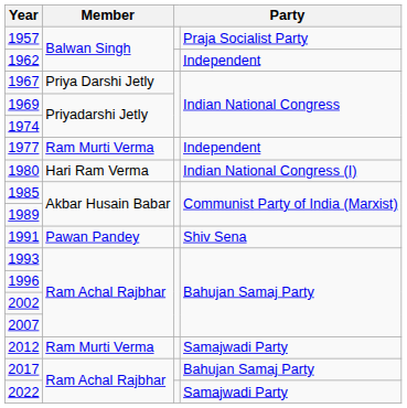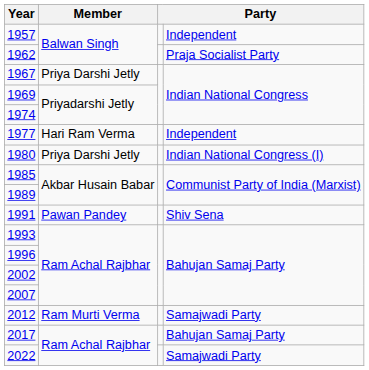 <table class="wikitable">
 <tr>
 <th>Year</th>
 <th>Member</th>
 <th colspan="2">Party</th>
 </tr>
 <tr>
 <td><a href='#'>1957</a></td>
 <td rowspan="2"><a href='#'>Balwan Singh</a></td>
 <td style="background-color: "></td>
-<td><a href='#'>Praja Socialist Party</a></td>
+<td><a href='#'>Independent</a></td>
 </tr>
 <tr>
 <td><a href='#'>1962</a></td>
 <td style="background-color: "></td>
-<td><a href='#'>Independent</a></td>
+<td><a href='#'>Praja Socialist Party</a></td>
 </tr>
 <tr>
 <td><a href='#'>1967</a></td>
 <td>Priya Darshi Jetly</td>
 <td rowspan="3" style="background-color: "></td>
 <td rowspan="3"><a href='#'>Indian National Congress</a></td>
 </tr>
 <tr>
 <td><a href='#'>1969</a></td>
 <td rowspan="2">Priyadarshi Jetly</td>
 </tr>
 <tr>
 <td><a href='#'>1974</a></td>
 </tr>
 <tr>
 <td><a href='#'>1977</a></td>
-<td><a href='#'>Ram Murti Verma</a></td>
+<td>Hari Ram Verma</td>
 <td style="background-color: "></td>
 <td><a href='#'>Independent</a></td>
 </tr>
 <tr>
 <td><a href='#'>1980</a></td>
-<td>Hari Ram Verma</td>
+<td>Priya Darshi Jetly</td>
 <td style="background-color: "></td>
 <td><a href='#'>Indian National Congress (I)</a></td>
 </tr>
 <tr>
 <td><a href='#'>1985</a></td>
 <td rowspan="2">Akbar Husain Babar</td>
 <td rowspan="2" style="background-color: "></td>
 <td rowspan="2"><a href='#'>Communist Party of India (Marxist)</a></td>
 </tr>
 <tr>
 <td><a href='#'>1989</a></td>
 </tr>
 <tr>
 <td><a href='#'>1991</a></td>
 <td><a href='#'>Pawan Pandey</a></td>
 <td style="background-color: "></td>
 <td><a href='#'>Shiv Sena</a></td>
 </tr>
 <tr>
 <td><a href='#'>1993</a></td>
 <td rowspan="4"><a href='#'>Ram Achal Rajbhar</a></td>
 <td rowspan="4" style="background-color: "></td>
 <td rowspan="4"><a href='#'>Bahujan Samaj Party</a></td>
 </tr>
 <tr>
 <td><a href='#'>1996</a></td>
 </tr>
 <tr>
 <td><a href='#'>2002</a></td>
 </tr>
 <tr>
 <td><a href='#'>2007</a></td>
 </tr>
 <tr>
 <td><a href='#'>2012</a></td>
 <td><a href='#'>Ram Murti Verma</a></td>
 <td style="background-color: "></td>
 <td><a href='#'>Samajwadi Party</a></td>
 </tr>
 <tr>
 <td><a href='#'>2017</a></td>
 <td rowspan="2"><a href='#'>Ram Achal Rajbhar</a></td>
 <td style="background-color: "></td>
 <td><a href='#'>Bahujan Samaj Party</a></td>
 </tr>
 <tr>
 <td><a href='#'>2022</a></td>
 <td style="background-color: "></td>
 <td><a href='#'>Samajwadi Party</a></td>
 </tr>
 </table>
